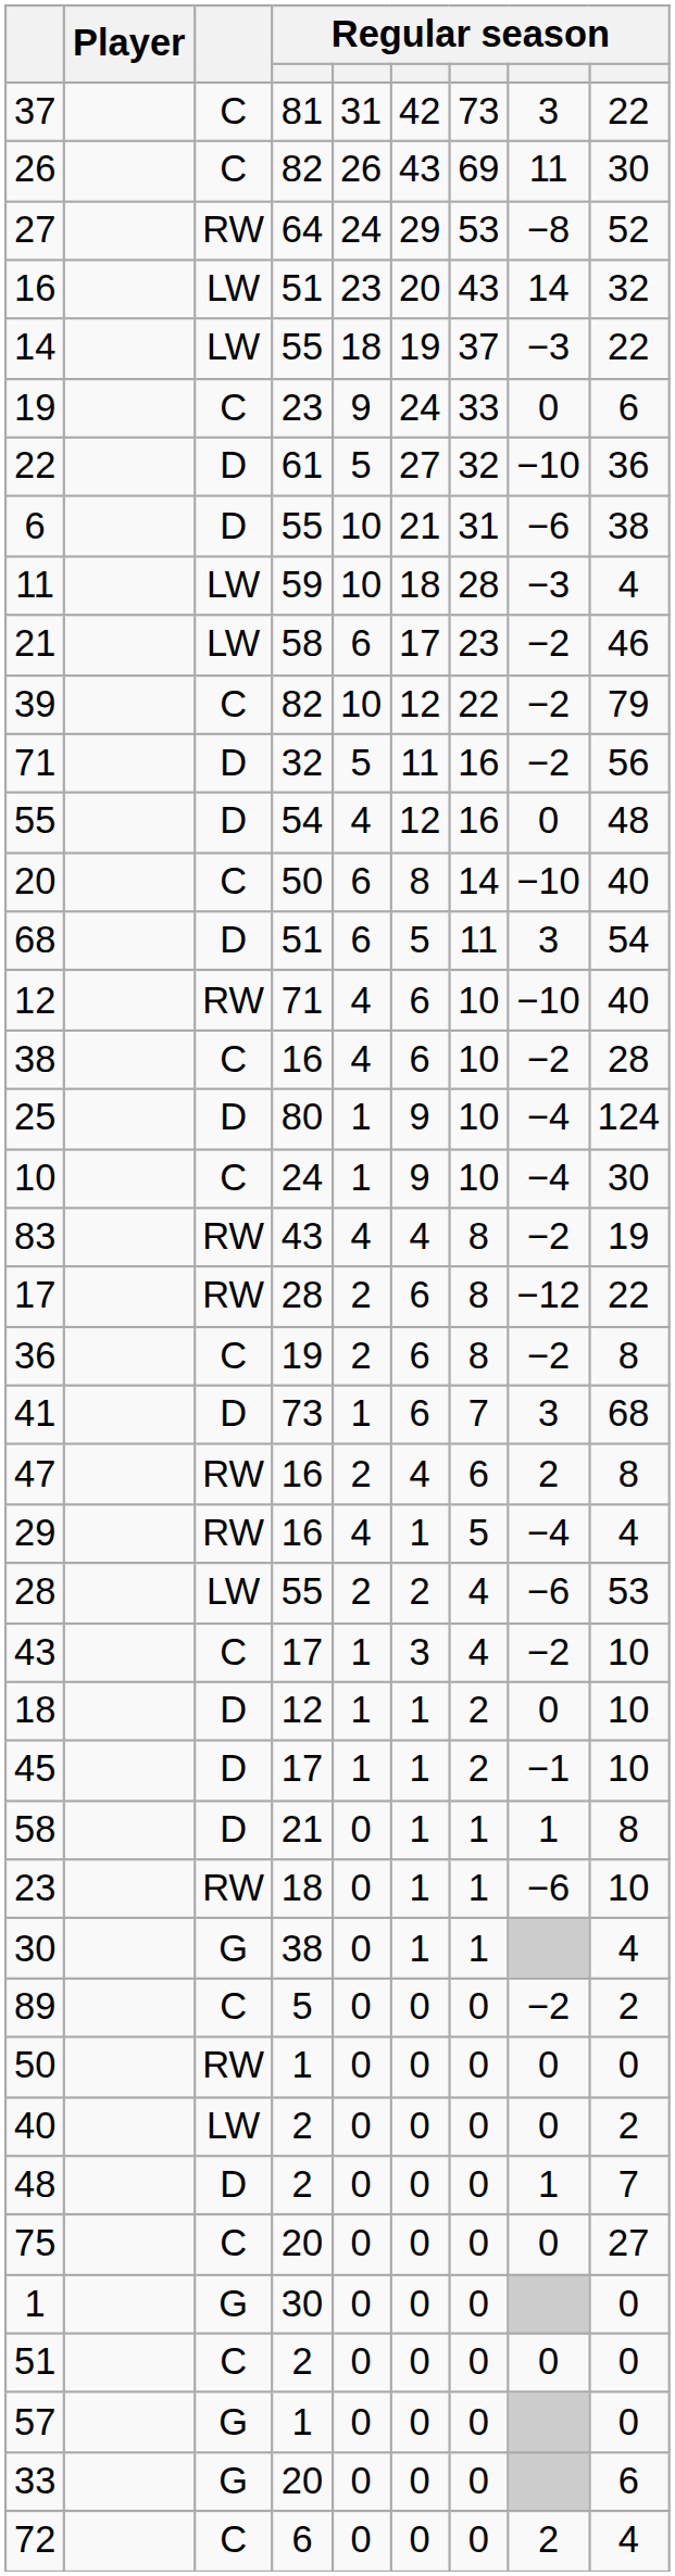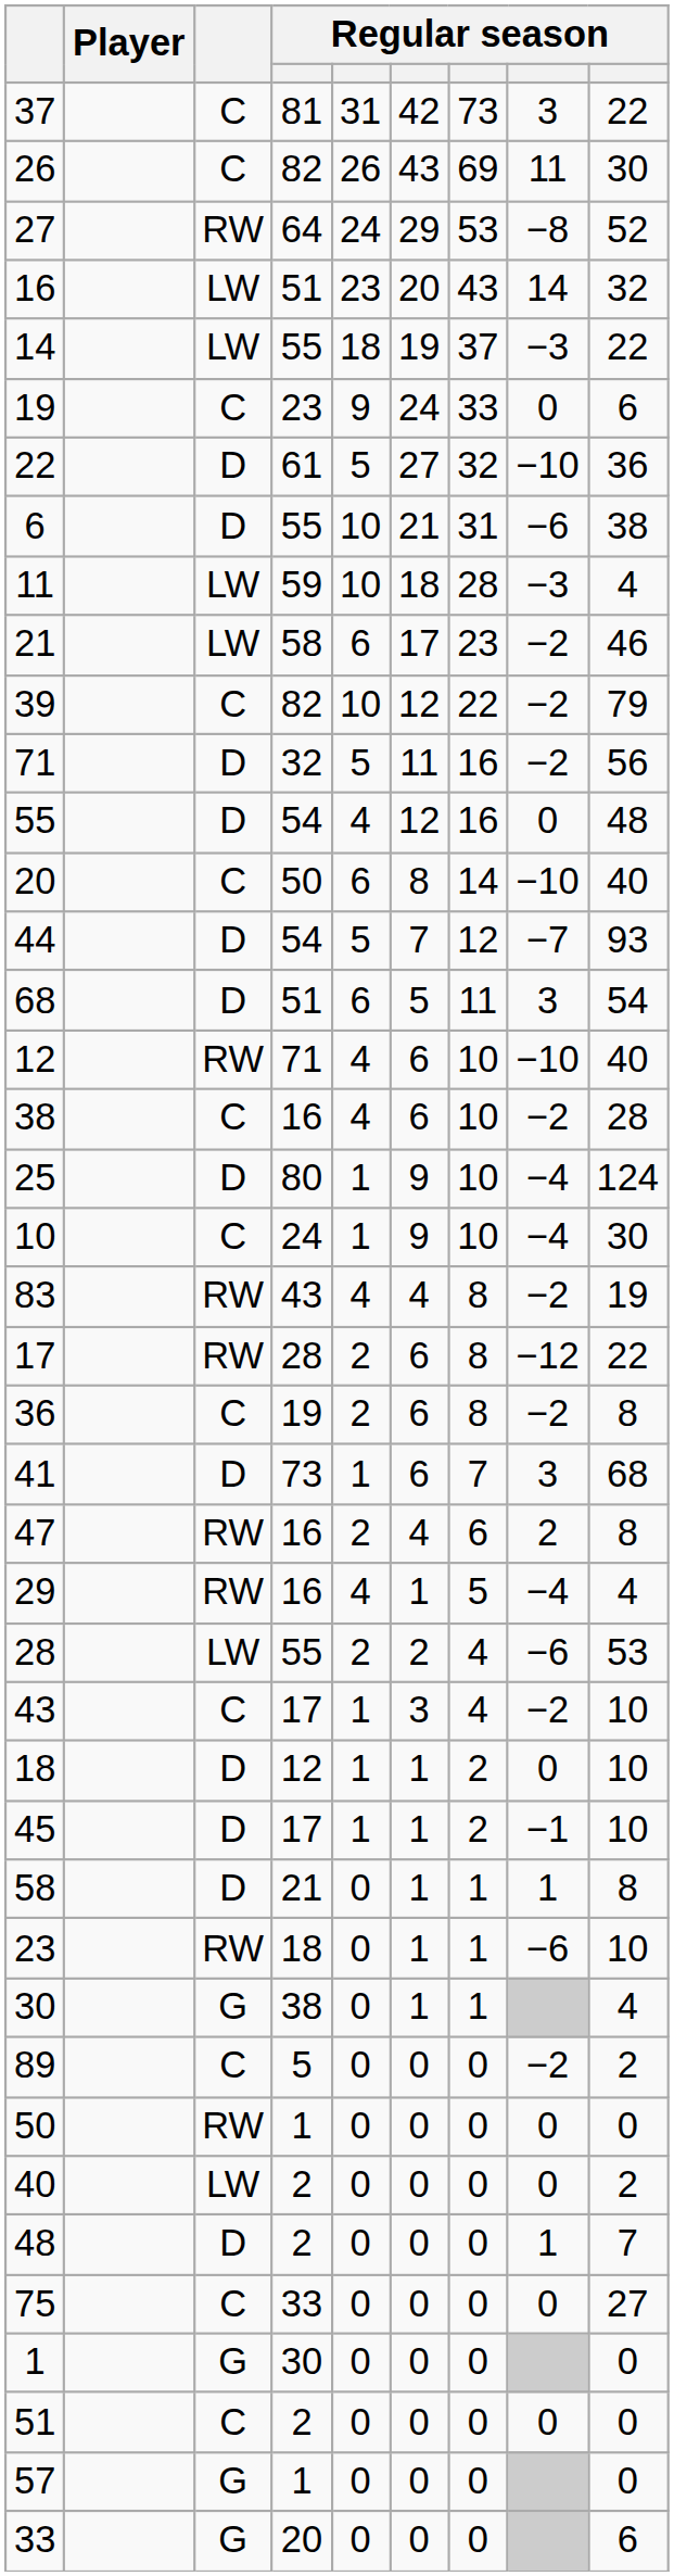 <table class="wikitable sortable plainrowheaders" style="text-align:center;">
 <tr>
 <th scope="col" data-sort-type="number" rowspan="2"></th>
 <th scope="col" rowspan="2">Player</th>
 <th scope="col" rowspan="2"></th>
 <th scope=colgroup colspan=6>Regular season</th>
 </tr>
 <tr>
 <th scope="col" data-sort-type="number"></th>
 <th scope="col" data-sort-type="number"></th>
 <th scope="col" data-sort-type="number"></th>
 <th scope="col" data-sort-type="number"></th>
 <th scope="col" data-sort-type="number"></th>
 <th scope="col" data-sort-type="number"></th>
 </tr>
 <tr>
 <td scope="row">37</td>
 <td align="left"></td>
 <td>C</td>
 <td>81</td>
 <td>31</td>
 <td>42</td>
 <td>73</td>
 <td>3</td>
 <td>22</td>
 </tr>
 <tr>
 <td scope="row">26</td>
 <td align="left"></td>
 <td>C</td>
 <td>82</td>
 <td>26</td>
 <td>43</td>
 <td>69</td>
 <td>11</td>
 <td>30</td>
 </tr>
 <tr>
 <td scope="row">27</td>
 <td align="left"></td>
 <td>RW</td>
 <td>64</td>
 <td>24</td>
 <td>29</td>
 <td>53</td>
 <td>−8</td>
 <td>52</td>
 </tr>
 <tr>
 <td scope="row">16</td>
 <td align="left"></td>
 <td>LW</td>
 <td>51</td>
 <td>23</td>
 <td>20</td>
 <td>43</td>
 <td>14</td>
 <td>32</td>
 </tr>
 <tr>
 <td scope="row">14</td>
 <td align="left"></td>
 <td>LW</td>
 <td>55</td>
 <td>18</td>
 <td>19</td>
 <td>37</td>
 <td>−3</td>
 <td>22</td>
 </tr>
 <tr>
 <td scope="row">19</td>
 <td align="left"></td>
 <td>C</td>
 <td>23</td>
 <td>9</td>
 <td>24</td>
 <td>33</td>
 <td>0</td>
 <td>6</td>
 </tr>
 <tr>
 <td scope="row">22</td>
 <td align="left"></td>
 <td>D</td>
 <td>61</td>
 <td>5</td>
 <td>27</td>
 <td>32</td>
 <td>−10</td>
 <td>36</td>
 </tr>
 <tr>
 <td scope="row">6</td>
 <td align="left"></td>
 <td>D</td>
 <td>55</td>
 <td>10</td>
 <td>21</td>
 <td>31</td>
 <td>−6</td>
 <td>38</td>
 </tr>
 <tr>
 <td scope="row">11</td>
 <td align="left"></td>
 <td>LW</td>
 <td>59</td>
 <td>10</td>
 <td>18</td>
 <td>28</td>
 <td>−3</td>
 <td>4</td>
 </tr>
 <tr>
 <td scope="row">21</td>
 <td align="left"></td>
 <td>LW</td>
 <td>58</td>
 <td>6</td>
 <td>17</td>
 <td>23</td>
 <td>−2</td>
 <td>46</td>
 </tr>
 <tr>
 <td scope="row">39</td>
 <td align="left"></td>
 <td>C</td>
 <td>82</td>
 <td>10</td>
 <td>12</td>
 <td>22</td>
 <td>−2</td>
 <td>79</td>
 </tr>
 <tr>
 <td scope="row">71</td>
 <td align="left"></td>
 <td>D</td>
 <td>32</td>
 <td>5</td>
 <td>11</td>
 <td>16</td>
 <td>−2</td>
 <td>56</td>
 </tr>
 <tr>
 <td scope="row">55</td>
 <td align="left"></td>
 <td>D</td>
 <td>54</td>
 <td>4</td>
 <td>12</td>
 <td>16</td>
 <td>0</td>
 <td>48</td>
 </tr>
 <tr>
 <td scope="row">20</td>
 <td align="left"></td>
 <td>C</td>
 <td>50</td>
 <td>6</td>
 <td>8</td>
 <td>14</td>
 <td>−10</td>
 <td>40</td>
+</tr>
+<tr>
+<td scope="row">44</td>
+<td align="left"></td>
+<td>D</td>
+<td>54</td>
+<td>5</td>
+<td>7</td>
+<td>12</td>
+<td>−7</td>
+<td>93</td>
 </tr>
 <tr>
 <td scope="row">68</td>
 <td align="left"></td>
 <td>D</td>
 <td>51</td>
 <td>6</td>
 <td>5</td>
 <td>11</td>
 <td>3</td>
 <td>54</td>
 </tr>
 <tr>
 <td scope="row">12</td>
 <td align="left"></td>
 <td>RW</td>
 <td>71</td>
 <td>4</td>
 <td>6</td>
 <td>10</td>
 <td>−10</td>
 <td>40</td>
 </tr>
 <tr>
 <td scope="row">38</td>
 <td align="left"></td>
 <td>C</td>
 <td>16</td>
 <td>4</td>
 <td>6</td>
 <td>10</td>
 <td>−2</td>
 <td>28</td>
 </tr>
 <tr>
 <td scope="row">25</td>
 <td align="left"></td>
 <td>D</td>
 <td>80</td>
 <td>1</td>
 <td>9</td>
 <td>10</td>
 <td>−4</td>
 <td>124</td>
 </tr>
 <tr>
 <td scope="row">10</td>
 <td align="left"></td>
 <td>C</td>
 <td>24</td>
 <td>1</td>
 <td>9</td>
 <td>10</td>
 <td>−4</td>
 <td>30</td>
 </tr>
 <tr>
 <td scope="row">83</td>
 <td align="left"></td>
 <td>RW</td>
 <td>43</td>
 <td>4</td>
 <td>4</td>
 <td>8</td>
 <td>−2</td>
 <td>19</td>
 </tr>
 <tr>
 <td scope="row">17</td>
 <td align="left"></td>
 <td>RW</td>
 <td>28</td>
 <td>2</td>
 <td>6</td>
 <td>8</td>
 <td>−12</td>
 <td>22</td>
 </tr>
 <tr>
 <td scope="row">36</td>
 <td align="left"></td>
 <td>C</td>
 <td>19</td>
 <td>2</td>
 <td>6</td>
 <td>8</td>
 <td>−2</td>
 <td>8</td>
 </tr>
 <tr>
 <td scope="row">41</td>
 <td align="left"></td>
 <td>D</td>
 <td>73</td>
 <td>1</td>
 <td>6</td>
 <td>7</td>
 <td>3</td>
 <td>68</td>
 </tr>
 <tr>
 <td scope="row">47</td>
 <td align="left"></td>
 <td>RW</td>
 <td>16</td>
 <td>2</td>
 <td>4</td>
 <td>6</td>
 <td>2</td>
 <td>8</td>
 </tr>
 <tr>
 <td scope="row">29</td>
 <td align="left"></td>
 <td>RW</td>
 <td>16</td>
 <td>4</td>
 <td>1</td>
 <td>5</td>
 <td>−4</td>
 <td>4</td>
 </tr>
 <tr>
 <td scope="row">28</td>
 <td align="left"></td>
 <td>LW</td>
 <td>55</td>
 <td>2</td>
 <td>2</td>
 <td>4</td>
 <td>−6</td>
 <td>53</td>
 </tr>
 <tr>
 <td scope="row">43</td>
 <td align="left"></td>
 <td>C</td>
 <td>17</td>
 <td>1</td>
 <td>3</td>
 <td>4</td>
 <td>−2</td>
 <td>10</td>
 </tr>
 <tr>
 <td scope="row">18</td>
 <td align="left"></td>
 <td>D</td>
 <td>12</td>
 <td>1</td>
 <td>1</td>
 <td>2</td>
 <td>0</td>
 <td>10</td>
 </tr>
 <tr>
 <td scope="row">45</td>
 <td align="left"></td>
 <td>D</td>
 <td>17</td>
 <td>1</td>
 <td>1</td>
 <td>2</td>
 <td>−1</td>
 <td>10</td>
 </tr>
 <tr>
 <td scope="row">58</td>
 <td align="left"></td>
 <td>D</td>
 <td>21</td>
 <td>0</td>
 <td>1</td>
 <td>1</td>
 <td>1</td>
 <td>8</td>
 </tr>
 <tr>
 <td scope="row">23</td>
 <td align="left"></td>
 <td>RW</td>
 <td>18</td>
 <td>0</td>
 <td>1</td>
 <td>1</td>
 <td>−6</td>
 <td>10</td>
 </tr>
 <tr>
 <td scope="row">30</td>
 <td align="left"></td>
 <td>G</td>
 <td>38</td>
 <td>0</td>
 <td>1</td>
 <td>1</td>
 <td style="background:#ccc"></td>
 <td>4</td>
 </tr>
 <tr>
 <td scope="row">89</td>
 <td align="left"></td>
 <td>C</td>
 <td>5</td>
 <td>0</td>
 <td>0</td>
 <td>0</td>
 <td>−2</td>
 <td>2</td>
 </tr>
 <tr>
 <td scope="row">50</td>
 <td align="left"></td>
 <td>RW</td>
 <td>1</td>
 <td>0</td>
 <td>0</td>
 <td>0</td>
 <td>0</td>
 <td>0</td>
 </tr>
 <tr>
 <td scope="row">40</td>
 <td align="left"></td>
 <td>LW</td>
 <td>2</td>
 <td>0</td>
 <td>0</td>
 <td>0</td>
 <td>0</td>
 <td>2</td>
 </tr>
 <tr>
 <td scope="row">48</td>
 <td align="left"></td>
 <td>D</td>
 <td>2</td>
 <td>0</td>
 <td>0</td>
 <td>0</td>
 <td>1</td>
 <td>7</td>
 </tr>
 <tr>
 <td scope="row">75</td>
 <td align="left"></td>
 <td>C</td>
-<td>20</td>
+<td>33</td>
 <td>0</td>
 <td>0</td>
 <td>0</td>
 <td>0</td>
 <td>27</td>
 </tr>
 <tr>
 <td scope="row">1</td>
 <td align="left"></td>
 <td>G</td>
 <td>30</td>
 <td>0</td>
 <td>0</td>
 <td>0</td>
 <td style="background:#ccc"></td>
 <td>0</td>
 </tr>
 <tr>
 <td scope="row">51</td>
 <td align="left"></td>
 <td>C</td>
 <td>2</td>
 <td>0</td>
 <td>0</td>
 <td>0</td>
 <td>0</td>
 <td>0</td>
 </tr>
 <tr>
 <td scope="row">57</td>
 <td align="left"></td>
 <td>G</td>
 <td>1</td>
 <td>0</td>
 <td>0</td>
 <td>0</td>
 <td style="background:#ccc"></td>
 <td>0</td>
 </tr>
 <tr>
 <td scope="row">33</td>
 <td align="left"></td>
 <td>G</td>
 <td>20</td>
 <td>0</td>
 <td>0</td>
 <td>0</td>
 <td style="background:#ccc"></td>
 <td>6</td>
 </tr>
-<tr>
-<td scope="row">72</td>
-<td align="left"></td>
-<td>C</td>
-<td>6</td>
-<td>0</td>
-<td>0</td>
-<td>0</td>
-<td>2</td>
-<td>4</td>
-</tr>
 </table>
